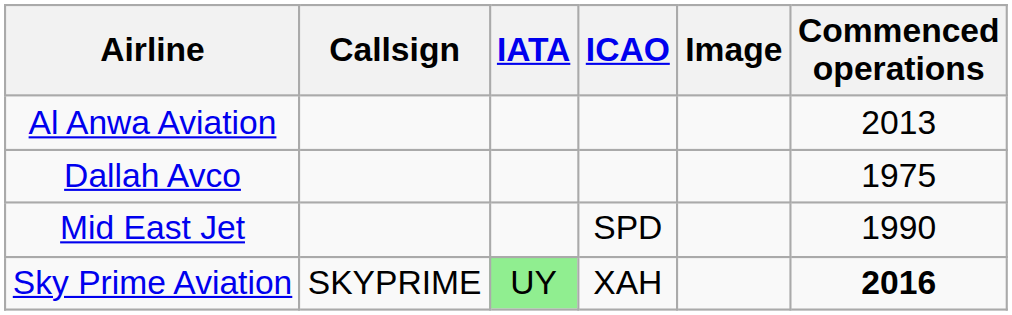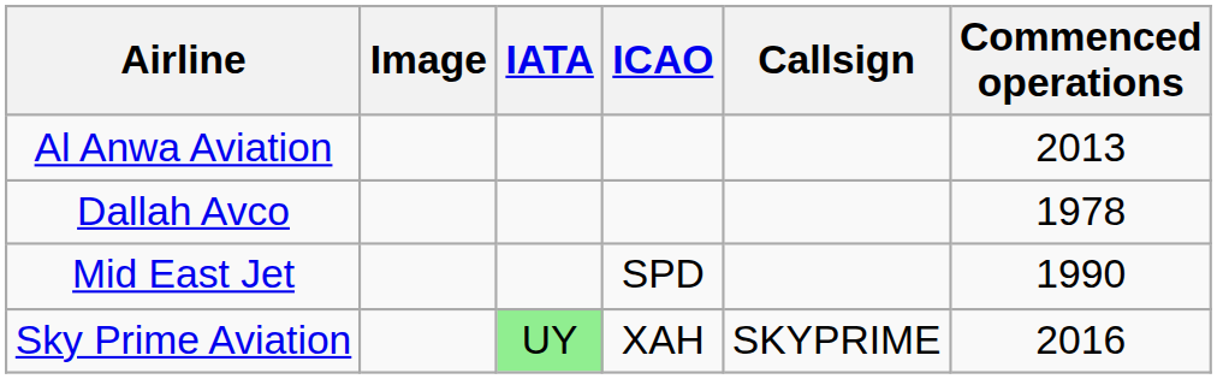 <table class="wikitable sortable" style="text-align:center;">
 <tr valign="middle">
 <th>Airline</th>
-<th>Callsign</th>
+<th>Image</th>
 <th><a href='#'>IATA</a></th>
 <th><a href='#'>ICAO</a></th>
-<th>Image</th>
+<th>Callsign</th>
 <th>Commenced<br>operations</th>
 </tr>
 <tr>
 <td><a href='#'>Al Anwa Aviation</a></td>
 <td></td>
 <td></td>
 <td></td>
 <td></td>
 <td>2013</td>
 </tr>
 <tr>
 <td><a href='#'>Dallah Avco</a></td>
 <td></td>
 <td></td>
 <td></td>
 <td></td>
-<td>1975</td>
+<td>1978</td>
 </tr>
 <tr>
 <td><a href='#'>Mid East Jet</a></td>
 <td></td>
 <td></td>
 <td>SPD</td>
 <td></td>
 <td>1990</td>
 </tr>
 <tr>
 <td><a href='#'>Sky Prime Aviation</a></td>
-<td>SKYPRIME</td>
+<td></td>
 <td style="background: lightgreen;">UY</td>
 <td>XAH</td>
-<td></td>
-<td><strong>2016</strong></td>
+<td>SKYPRIME</td>
+<td>2016</td>
 </tr>
 </table>
